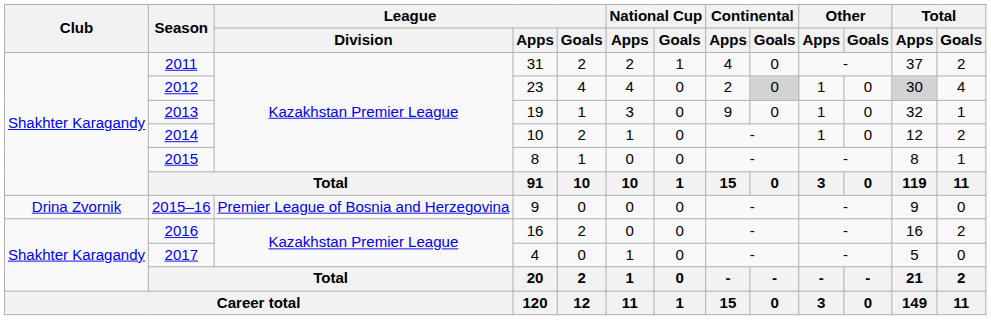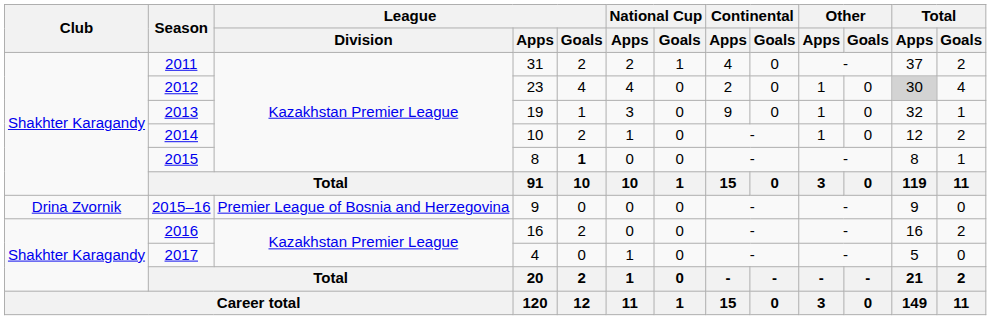 <table class="wikitable" style="text-align: center;">
 <tr>
 <th rowspan="2">Club</th>
 <th rowspan="2">Season</th>
 <th colspan="3">League</th>
 <th colspan="2">National Cup</th>
 <th colspan="2">Continental</th>
 <th colspan="2">Other</th>
 <th colspan="2">Total</th>
 </tr>
 <tr>
 <th>Division</th>
 <th>Apps</th>
 <th>Goals</th>
 <th>Apps</th>
 <th>Goals</th>
 <th>Apps</th>
 <th>Goals</th>
 <th>Apps</th>
 <th>Goals</th>
 <th>Apps</th>
 <th>Goals</th>
 </tr>
 <tr>
 <td rowspan="6" valign="center"><a href='#'>Shakhter Karagandy</a></td>
 <td><a href='#'>2011</a></td>
 <td rowspan="5" valign="center"><a href='#'>Kazakhstan Premier League</a></td>
 <td>31</td>
 <td>2</td>
 <td>2</td>
 <td>1</td>
 <td>4</td>
 <td>0</td>
 <td colspan="2">-</td>
 <td>37</td>
 <td>2</td>
 </tr>
 <tr>
 <td><a href='#'>2012</a></td>
 <td>23</td>
 <td>4</td>
 <td>4</td>
 <td>0</td>
 <td>2</td>
-<td style="background: lightgrey;">0</td>
+<td>0</td>
 <td>1</td>
 <td>0</td>
 <td style="background: lightgrey;">30</td>
 <td>4</td>
 </tr>
 <tr>
 <td><a href='#'>2013</a></td>
 <td>19</td>
 <td>1</td>
 <td>3</td>
 <td>0</td>
 <td>9</td>
 <td>0</td>
 <td>1</td>
 <td>0</td>
 <td>32</td>
 <td>1</td>
 </tr>
 <tr>
 <td><a href='#'>2014</a></td>
 <td>10</td>
 <td>2</td>
 <td>1</td>
 <td>0</td>
 <td colspan="2">-</td>
 <td>1</td>
 <td>0</td>
 <td>12</td>
 <td>2</td>
 </tr>
 <tr>
 <td><a href='#'>2015</a></td>
 <td>8</td>
-<td>1</td>
+<td><strong>1</strong></td>
 <td>0</td>
 <td>0</td>
 <td colspan="2">-</td>
 <td colspan="2">-</td>
 <td>8</td>
 <td>1</td>
 </tr>
 <tr>
 <th colspan="2">Total</th>
 <th>91</th>
 <th>10</th>
 <th>10</th>
 <th>1</th>
 <th>15</th>
 <th>0</th>
 <th>3</th>
 <th>0</th>
 <th>119</th>
 <th>11</th>
 </tr>
 <tr>
 <td valign="center"><a href='#'>Drina Zvornik</a></td>
 <td><a href='#'>2015–16</a></td>
 <td><a href='#'>Premier League of Bosnia and Herzegovina</a></td>
 <td>9</td>
 <td>0</td>
 <td>0</td>
 <td>0</td>
 <td colspan="2">-</td>
 <td colspan="2">-</td>
 <td>9</td>
 <td>0</td>
 </tr>
 <tr>
 <td rowspan="3" valign="center"><a href='#'>Shakhter Karagandy</a></td>
 <td><a href='#'>2016</a></td>
 <td rowspan="2" valign="center"><a href='#'>Kazakhstan Premier League</a></td>
 <td>16</td>
 <td>2</td>
 <td>0</td>
 <td>0</td>
 <td colspan="2">-</td>
 <td colspan="2">-</td>
 <td>16</td>
 <td>2</td>
 </tr>
 <tr>
 <td><a href='#'>2017</a></td>
 <td>4</td>
 <td>0</td>
 <td>1</td>
 <td>0</td>
 <td colspan="2">-</td>
 <td colspan="2">-</td>
 <td>5</td>
 <td>0</td>
 </tr>
 <tr>
 <th colspan="2">Total</th>
 <th>20</th>
 <th>2</th>
 <th>1</th>
 <th>0</th>
 <th>-</th>
 <th>-</th>
 <th>-</th>
 <th>-</th>
 <th>21</th>
 <th>2</th>
 </tr>
 <tr>
 <th colspan="3">Career total</th>
 <th>120</th>
 <th>12</th>
 <th>11</th>
 <th>1</th>
 <th>15</th>
 <th>0</th>
 <th>3</th>
 <th>0</th>
 <th>149</th>
 <th>11</th>
 </tr>
 </table>
